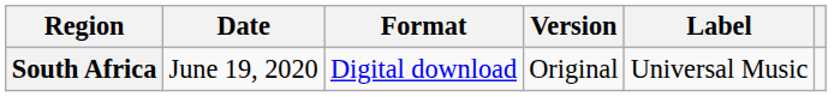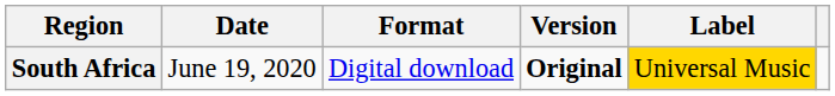 <table class="wikitable">
 <tr>
 <th scope="row">Region</th>
 <th scope="row">Date</th>
 <th scope="row">Format</th>
 <th scope="row">Version</th>
 <th scope="row">Label</th>
 <th scope="row"></th>
 </tr>
 <tr>
 <th scope="row">South Africa</th>
 <td rowspan="1">June 19, 2020</td>
 <td rowspan="5"><a href='#'>Digital download</a></td>
-<td>Original</td>
-<td>Universal Music</td>
+<td><strong>Original</strong></td>
+<td style="background: gold;">Universal Music</td>
 <td></td>
 </tr>
 </table>
